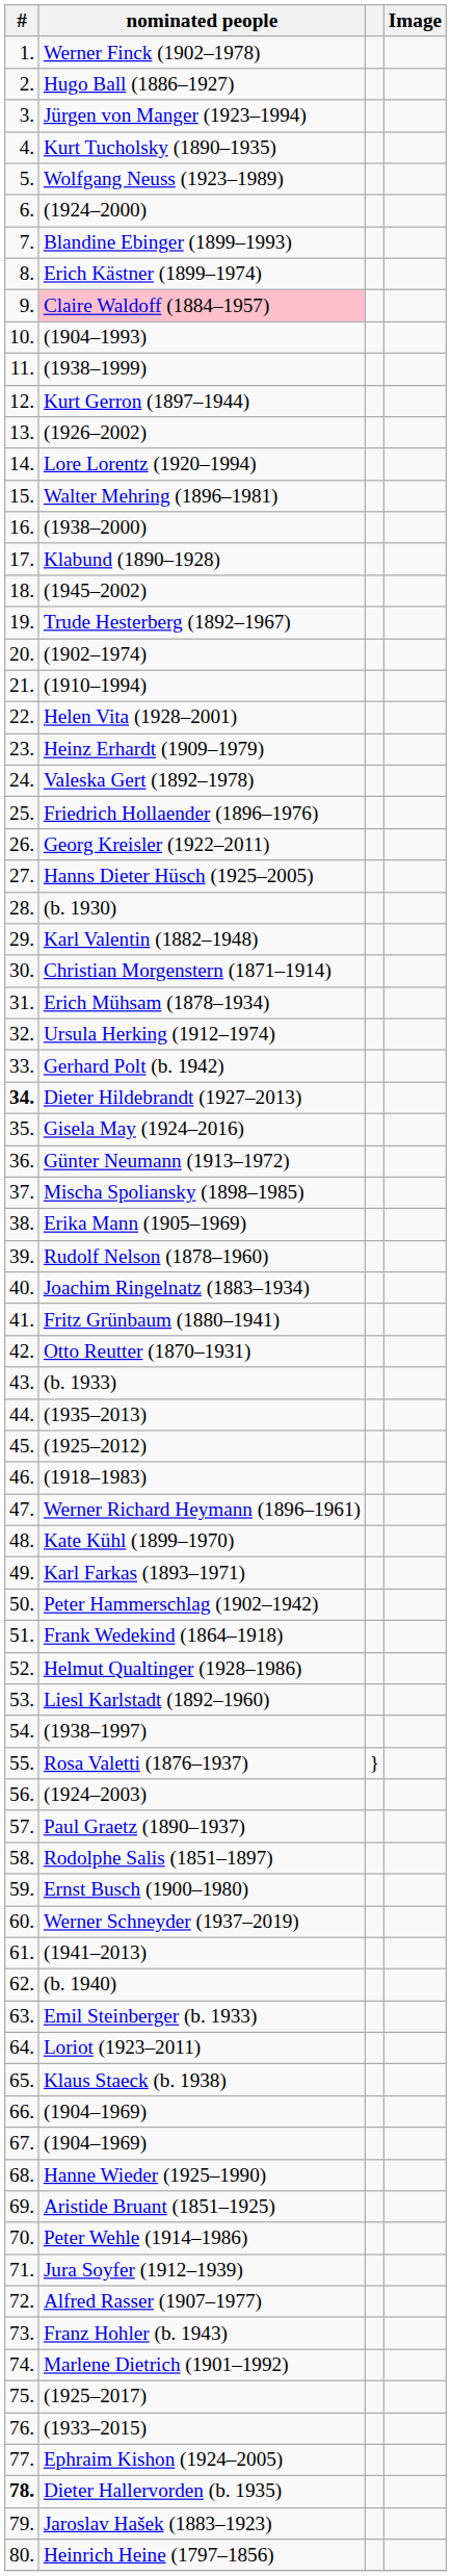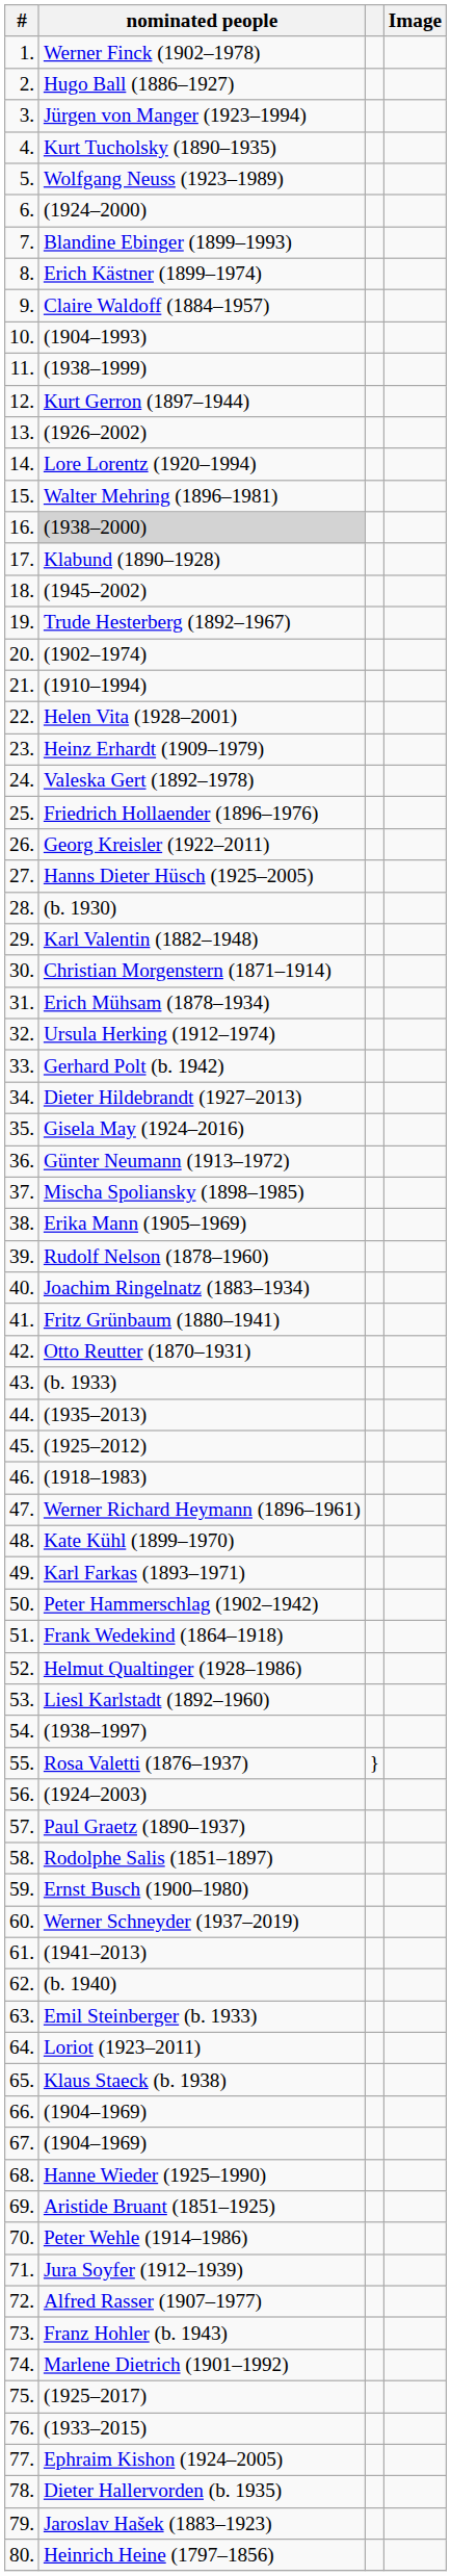 <table class="wikitable sortable">
 <tr>
 <th>#</th>
 <th>nominated people</th>
 <th></th>
 <th>Image</th>
 </tr>
 <tr>
 <td align="right">1.</td>
 <td><a href='#'>Werner Finck</a> (1902–1978)</td>
 <td align="right"></td>
 <td></td>
 </tr>
 <tr>
 <td align="right">2.</td>
 <td><a href='#'>Hugo Ball</a> (1886–1927)</td>
 <td align="right"></td>
 <td></td>
 </tr>
 <tr>
 <td align="right">3.</td>
 <td><a href='#'>Jürgen von Manger</a> (1923–1994)</td>
 <td align="right"></td>
 <td></td>
 </tr>
 <tr>
 <td align="right">4.</td>
 <td><a href='#'>Kurt Tucholsky</a> (1890–1935)</td>
 <td align="right"></td>
 <td></td>
 </tr>
 <tr>
 <td align="right">5.</td>
 <td><a href='#'>Wolfgang Neuss</a> (1923–1989)</td>
 <td align="right"></td>
 <td></td>
 </tr>
 <tr>
 <td align="right">6.</td>
 <td> (1924–2000)</td>
 <td align="right"></td>
 <td></td>
 </tr>
 <tr>
 <td align="right">7.</td>
 <td><a href='#'>Blandine Ebinger</a> (1899–1993)</td>
 <td align="right"></td>
 <td></td>
 </tr>
 <tr>
 <td align="right">8.</td>
 <td><a href='#'>Erich Kästner</a> (1899–1974)</td>
 <td align="right"></td>
 <td></td>
 </tr>
 <tr>
 <td align="right">9.</td>
-<td style="background: pink;"><a href='#'>Claire Waldoff</a> (1884–1957)</td>
+<td><a href='#'>Claire Waldoff</a> (1884–1957)</td>
 <td align="right"></td>
 <td></td>
 </tr>
 <tr>
 <td align="right">10.</td>
 <td> (1904–1993)</td>
 <td align="right"></td>
 <td></td>
 </tr>
 <tr>
 <td align="right">11.</td>
 <td> (1938–1999)</td>
 <td align="right"></td>
 <td></td>
 </tr>
 <tr>
 <td align="right">12.</td>
 <td><a href='#'>Kurt Gerron</a> (1897–1944)</td>
 <td align="right"></td>
 <td></td>
 </tr>
 <tr>
 <td align="right">13.</td>
 <td> (1926–2002)</td>
 <td align="right"></td>
 <td></td>
 </tr>
 <tr>
 <td align="right">14.</td>
 <td><a href='#'>Lore Lorentz</a> (1920–1994)</td>
 <td align="right"></td>
 <td></td>
 </tr>
 <tr>
 <td align="right">15.</td>
 <td><a href='#'>Walter Mehring</a> (1896–1981)</td>
 <td align="right"></td>
 <td></td>
 </tr>
 <tr>
 <td align="right">16.</td>
-<td> (1938–2000)</td>
+<td style="background: lightgrey;"> (1938–2000)</td>
 <td align="right"></td>
 <td></td>
 </tr>
 <tr>
 <td align="right">17.</td>
 <td><a href='#'>Klabund</a> (1890–1928)</td>
 <td align="right"></td>
 <td></td>
 </tr>
 <tr>
 <td align="right">18.</td>
 <td> (1945–2002)</td>
 <td align="right"></td>
 <td></td>
 </tr>
 <tr>
 <td align="right">19.</td>
 <td><a href='#'>Trude Hesterberg</a> (1892–1967)</td>
 <td align="right"></td>
 <td></td>
 </tr>
 <tr>
 <td align="right">20.</td>
 <td> (1902–1974)</td>
 <td align="right"></td>
 <td></td>
 </tr>
 <tr>
 <td align="right">21.</td>
 <td> (1910–1994)</td>
 <td align="right"></td>
 <td></td>
 </tr>
 <tr>
 <td align="right">22.</td>
 <td><a href='#'>Helen Vita</a> (1928–2001)</td>
 <td align="right"></td>
 <td></td>
 </tr>
 <tr>
 <td align="right">23.</td>
 <td><a href='#'>Heinz Erhardt</a> (1909–1979)</td>
 <td align="right"></td>
 <td></td>
 </tr>
 <tr>
 <td align="right">24.</td>
 <td><a href='#'>Valeska Gert</a> (1892–1978)</td>
 <td align="right"></td>
 <td></td>
 </tr>
 <tr>
 <td align="right">25.</td>
 <td><a href='#'>Friedrich Hollaender</a> (1896–1976)</td>
 <td align="right"></td>
 <td></td>
 </tr>
 <tr>
 <td align="right">26.</td>
 <td><a href='#'>Georg Kreisler</a> (1922–2011)</td>
 <td align="right"></td>
 <td></td>
 </tr>
 <tr>
 <td align="right">27.</td>
 <td><a href='#'>Hanns Dieter Hüsch</a> (1925–2005)</td>
 <td align="right"></td>
 <td></td>
 </tr>
 <tr>
 <td align="right">28.</td>
 <td> (b. 1930)</td>
 <td align="right"></td>
 <td></td>
 </tr>
 <tr>
 <td align="right">29.</td>
 <td><a href='#'>Karl Valentin</a> (1882–1948)</td>
 <td align="right"></td>
 <td></td>
 </tr>
 <tr>
 <td align="right">30.</td>
 <td><a href='#'>Christian Morgenstern</a> (1871–1914)</td>
 <td align="right"></td>
 <td></td>
 </tr>
 <tr>
 <td align="right">31.</td>
 <td><a href='#'>Erich Mühsam</a> (1878–1934)</td>
 <td align="right"></td>
 <td></td>
 </tr>
 <tr>
 <td align="right">32.</td>
 <td><a href='#'>Ursula Herking</a> (1912–1974)</td>
 <td align="right"></td>
 <td></td>
 </tr>
 <tr>
 <td align="right">33.</td>
 <td><a href='#'>Gerhard Polt</a> (b. 1942)</td>
 <td align="right"></td>
 <td></td>
 </tr>
 <tr>
-<td align="right"><strong>34.</strong></td>
+<td align="right">34.</td>
 <td><a href='#'>Dieter Hildebrandt</a> (1927–2013)</td>
 <td align="right"></td>
 <td></td>
 </tr>
 <tr>
 <td align="right">35.</td>
 <td><a href='#'>Gisela May</a> (1924–2016)</td>
 <td align="right"></td>
 <td></td>
 </tr>
 <tr>
 <td align="right">36.</td>
 <td><a href='#'>Günter Neumann</a> (1913–1972)</td>
 <td align="right"></td>
 <td></td>
 </tr>
 <tr>
 <td align="right">37.</td>
 <td><a href='#'>Mischa Spoliansky</a> (1898–1985)</td>
 <td align="right"></td>
 <td></td>
 </tr>
 <tr>
 <td align="right">38.</td>
 <td><a href='#'>Erika Mann</a> (1905–1969)</td>
 <td align="right"></td>
 <td></td>
 </tr>
 <tr>
 <td align="right">39.</td>
 <td><a href='#'>Rudolf Nelson</a> (1878–1960)</td>
 <td align="right"></td>
 <td></td>
 </tr>
 <tr>
 <td align="right">40.</td>
 <td><a href='#'>Joachim Ringelnatz</a> (1883–1934)</td>
 <td align="right"></td>
 <td></td>
 </tr>
 <tr>
 <td align="right">41.</td>
 <td><a href='#'>Fritz Grünbaum</a> (1880–1941)</td>
 <td align="right"></td>
 <td></td>
 </tr>
 <tr>
 <td align="right">42.</td>
 <td><a href='#'>Otto Reutter</a> (1870–1931)</td>
 <td align="right"></td>
 <td></td>
 </tr>
 <tr>
 <td align="right">43.</td>
 <td> (b. 1933)</td>
 <td align="right"></td>
 <td></td>
 </tr>
 <tr>
 <td align="right">44.</td>
 <td> (1935–2013)</td>
 <td align="right"></td>
 <td></td>
 </tr>
 <tr>
 <td align="right">45.</td>
 <td> (1925–2012)</td>
 <td align="right"></td>
 <td></td>
 </tr>
 <tr>
 <td align="right">46.</td>
 <td> (1918–1983)</td>
 <td align="right"></td>
 <td></td>
 </tr>
 <tr>
 <td align="right">47.</td>
 <td><a href='#'>Werner Richard Heymann</a> (1896–1961)</td>
 <td align="right"></td>
 <td></td>
 </tr>
 <tr>
 <td align="right">48.</td>
 <td><a href='#'>Kate Kühl</a> (1899–1970)</td>
 <td align="right"></td>
 <td></td>
 </tr>
 <tr>
 <td align="right">49.</td>
 <td><a href='#'>Karl Farkas</a> (1893–1971)</td>
 <td align="right"></td>
 <td></td>
 </tr>
 <tr>
 <td align="right">50.</td>
 <td><a href='#'>Peter Hammerschlag</a> (1902–1942)</td>
 <td align="right"></td>
 <td></td>
 </tr>
 <tr>
 <td align="right">51.</td>
 <td><a href='#'>Frank Wedekind</a> (1864–1918)</td>
 <td align="right"></td>
 <td></td>
 </tr>
 <tr>
 <td align="right">52.</td>
 <td><a href='#'>Helmut Qualtinger</a> (1928–1986)</td>
 <td align="right"></td>
 <td></td>
 </tr>
 <tr>
 <td align="right">53.</td>
 <td><a href='#'>Liesl Karlstadt</a> (1892–1960)</td>
 <td align="right"></td>
 <td></td>
 </tr>
 <tr>
 <td align="right">54.</td>
 <td> (1938–1997)</td>
 <td align="right"></td>
 <td></td>
 </tr>
 <tr>
 <td align="right">55.</td>
 <td><a href='#'>Rosa Valetti</a> (1876–1937)</td>
 <td align="right">}</td>
 <td></td>
 </tr>
 <tr>
 <td align="right">56.</td>
 <td> (1924–2003)</td>
 <td align="right"></td>
 <td></td>
 </tr>
 <tr>
 <td align="right">57.</td>
 <td><a href='#'>Paul Graetz</a> (1890–1937)</td>
 <td align="right"></td>
 <td></td>
 </tr>
 <tr>
 <td align="right">58.</td>
 <td><a href='#'>Rodolphe Salis</a> (1851–1897)</td>
 <td align="right"></td>
 <td></td>
 </tr>
 <tr>
 <td align="right">59.</td>
 <td><a href='#'>Ernst Busch</a> (1900–1980)</td>
 <td align="right"></td>
 <td></td>
 </tr>
 <tr>
 <td align="right">60.</td>
 <td><a href='#'>Werner Schneyder</a> (1937–2019)</td>
 <td align="right"></td>
 <td></td>
 </tr>
 <tr>
 <td align="right">61.</td>
 <td> (1941–2013)</td>
 <td align="right"></td>
 <td></td>
 </tr>
 <tr>
 <td align="right">62.</td>
 <td> (b. 1940)</td>
 <td align="right"></td>
 <td></td>
 </tr>
 <tr>
 <td align="right">63.</td>
 <td><a href='#'>Emil Steinberger</a> (b. 1933)</td>
 <td align="right"></td>
 <td></td>
 </tr>
 <tr>
 <td align="right">64.</td>
 <td><a href='#'>Loriot</a> (1923–2011)</td>
 <td align="right"></td>
 <td></td>
 </tr>
 <tr>
 <td align="right">65.</td>
 <td><a href='#'>Klaus Staeck</a> (b. 1938)</td>
 <td align="right"></td>
 <td></td>
 </tr>
 <tr>
 <td align="right">66.</td>
 <td> (1904–1969)</td>
 <td align="right"></td>
 <td></td>
 </tr>
 <tr>
 <td align="right">67.</td>
 <td> (1904–1969)</td>
 <td align="right"></td>
 <td></td>
 </tr>
 <tr>
 <td align="right">68.</td>
 <td><a href='#'>Hanne Wieder</a> (1925–1990)</td>
 <td align="right"></td>
 <td></td>
 </tr>
 <tr>
 <td align="right">69.</td>
 <td><a href='#'>Aristide Bruant</a> (1851–1925)</td>
 <td align="right"></td>
 <td></td>
 </tr>
 <tr>
 <td align="right">70.</td>
 <td><a href='#'>Peter Wehle</a> (1914–1986)</td>
 <td align="right"></td>
 <td></td>
 </tr>
 <tr>
 <td align="right">71.</td>
 <td><a href='#'>Jura Soyfer</a> (1912–1939)</td>
 <td align="right"></td>
 <td></td>
 </tr>
 <tr>
 <td align="right">72.</td>
 <td><a href='#'>Alfred Rasser</a> (1907–1977)</td>
 <td align="right"></td>
 <td></td>
 </tr>
 <tr>
 <td align="right">73.</td>
 <td><a href='#'>Franz Hohler</a> (b. 1943)</td>
 <td align="right"></td>
 <td></td>
 </tr>
 <tr>
 <td align="right">74.</td>
 <td><a href='#'>Marlene Dietrich</a> (1901–1992)</td>
 <td align="right"></td>
 <td></td>
 </tr>
 <tr>
 <td align="right">75.</td>
 <td> (1925–2017)</td>
 <td align="right"></td>
 <td></td>
 </tr>
 <tr>
 <td align="right">76.</td>
 <td> (1933–2015)</td>
 <td align="right"></td>
 <td></td>
 </tr>
 <tr>
 <td align="right">77.</td>
 <td><a href='#'>Ephraim Kishon</a> (1924–2005)</td>
 <td align="right"></td>
 <td></td>
 </tr>
 <tr>
-<td align="right"><strong>78.</strong></td>
+<td align="right">78.</td>
 <td><a href='#'>Dieter Hallervorden</a> (b. 1935)</td>
 <td align="right"></td>
 <td></td>
 </tr>
 <tr>
 <td align="right">79.</td>
 <td><a href='#'>Jaroslav Hašek</a> (1883–1923)</td>
 <td align="right"></td>
 <td></td>
 </tr>
 <tr>
 <td align="right">80.</td>
 <td><a href='#'>Heinrich Heine</a> (1797–1856)</td>
 <td align="right"></td>
 <td></td>
 </tr>
 <tr>
 </tr>
 </table>
